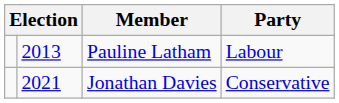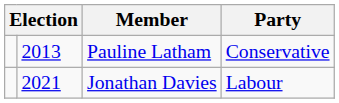 <table class="wikitable">
 <tr>
 <th colspan="2">Election</th>
 <th>Member</th>
 <th>Party</th>
 </tr>
 <tr>
 <td style="color:inherit;background-color: "></td>
 <td><a href='#'>2013</a></td>
 <td><a href='#'>Pauline Latham</a></td>
-<td><a href='#'>Labour</a></td>
+<td><a href='#'>Conservative</a></td>
 </tr>
 <tr>
 <td style="color:inherit;background-color: "></td>
 <td><a href='#'>2021</a></td>
 <td><a href='#'>Jonathan Davies</a></td>
-<td><a href='#'>Conservative</a></td>
+<td><a href='#'>Labour</a></td>
 </tr>
 </table>
